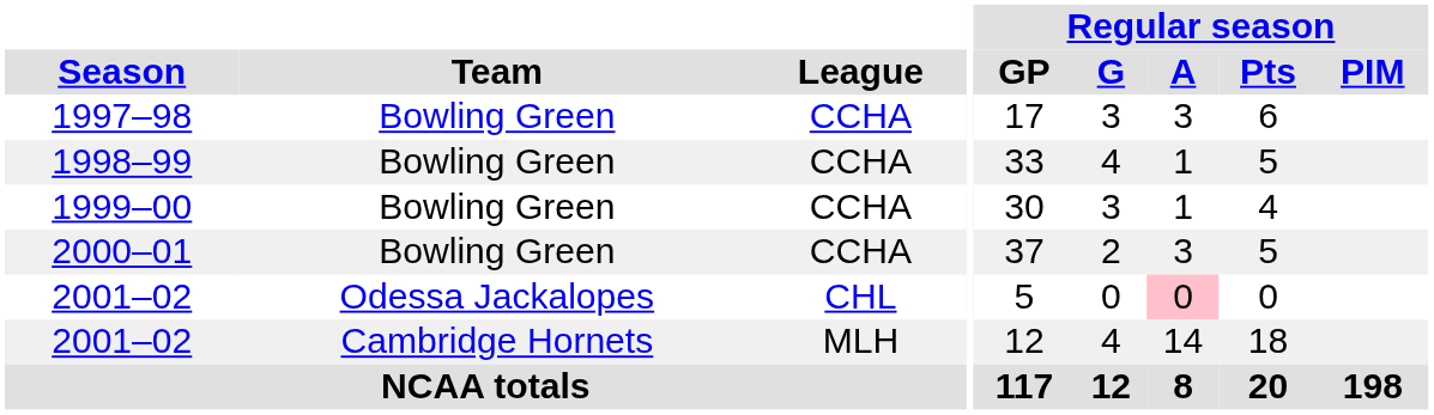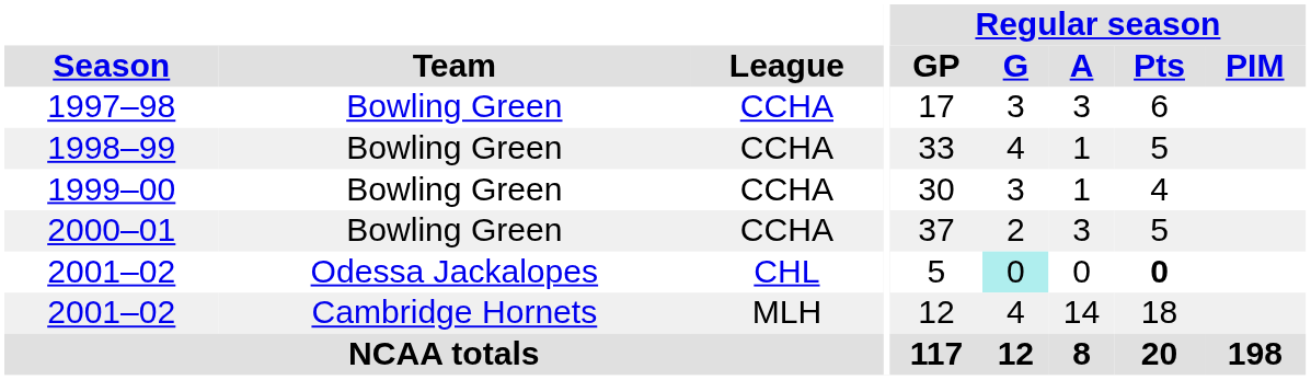 <table border="0" cellpadding="1" cellspacing="0" style="text-align:center; width:50%">
 <tr bgcolor="#e0e0e0">
 <th colspan="3" bgcolor="#ffffff"></th>
 <th rowspan="99" bgcolor="#ffffff"></th>
 <th colspan="5"><a href='#'>Regular season</a></th>
 </tr>
 <tr bgcolor="#e0e0e0">
 <th><a href='#'>Season</a></th>
 <th>Team</th>
 <th>League</th>
 <th>GP</th>
 <th><a href='#'>G</a></th>
 <th><a href='#'>A</a></th>
 <th><a href='#'>Pts</a></th>
 <th><a href='#'>PIM</a></th>
 </tr>
 <tr ALIGN="center">
 <td><a href='#'>1997–98</a></td>
 <td><a href='#'>Bowling Green</a></td>
 <td><a href='#'>CCHA</a></td>
 <td>17</td>
 <td>3</td>
 <td>3</td>
 <td>6</td>
 <td 31></td>
 </tr>
 <tr ALIGN="center" bgcolor="#f0f0f0">
 <td><a href='#'>1998–99</a></td>
 <td>Bowling Green</td>
 <td>CCHA</td>
 <td>33</td>
 <td>4</td>
 <td>1</td>
 <td>5</td>
 <td 55></td>
 </tr>
 <tr ALIGN="center">
 <td><a href='#'>1999–00</a></td>
 <td>Bowling Green</td>
 <td>CCHA</td>
 <td>30</td>
 <td>3</td>
 <td>1</td>
 <td>4</td>
 <td 48></td>
 </tr>
 <tr ALIGN="center" bgcolor="#f0f0f0">
 <td><a href='#'>2000–01</a></td>
 <td>Bowling Green</td>
 <td>CCHA</td>
 <td>37</td>
 <td>2</td>
 <td>3</td>
 <td>5</td>
 <td 64></td>
 </tr>
 <tr ALIGN="center">
 <td><a href='#'>2001–02</a></td>
 <td><a href='#'>Odessa Jackalopes</a></td>
 <td><a href='#'>CHL</a></td>
 <td>5</td>
+<td style="background: paleturquoise;">0</td>
 <td>0</td>
-<td style="background: pink;">0</td>
-<td>0</td>
+<td><strong>0</strong></td>
 <td 11></td>
 </tr>
 <tr ALIGN="center" bgcolor="#f0f0f0">
 <td><a href='#'>2001–02</a></td>
 <td><a href='#'>Cambridge Hornets</a></td>
 <td>MLH</td>
 <td>12</td>
 <td>4</td>
 <td>14</td>
 <td>18</td>
 <td 18></td>
 </tr>
 <tr bgcolor="#e0e0e0">
 <th colspan="3">NCAA totals</th>
 <th>117</th>
 <th>12</th>
 <th>8</th>
 <th>20</th>
 <th>198</th>
 </tr>
 </table>
